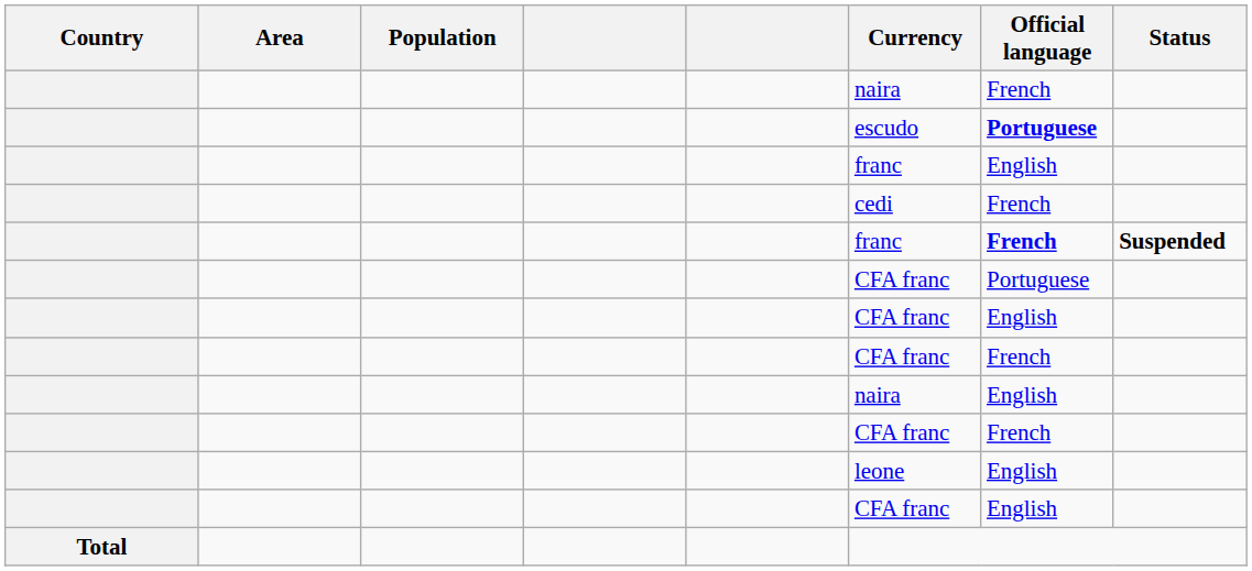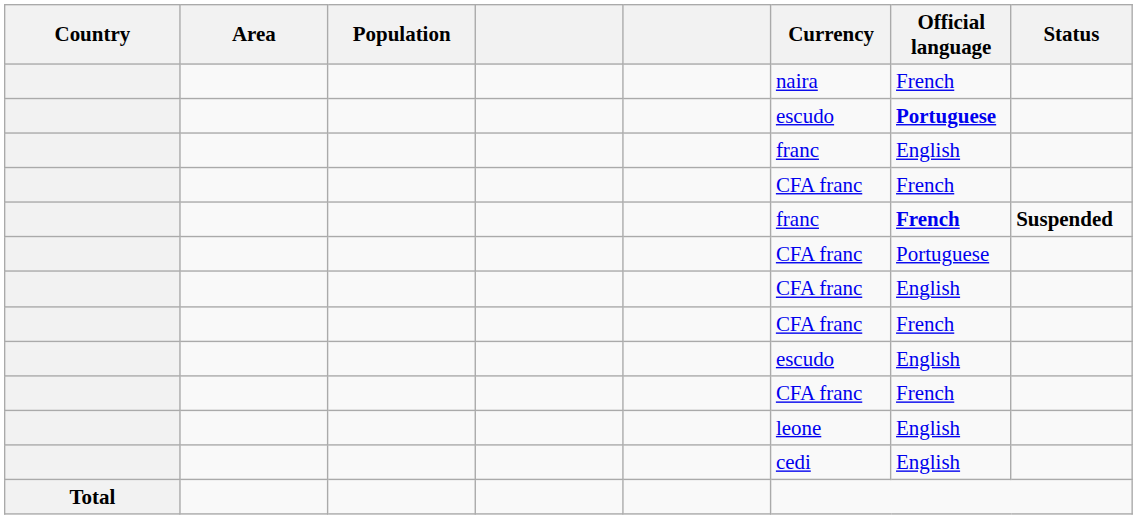 <table class="sortable wikitable plainrowheaders" style="font-size:95%; white-space:nowrap">
 <tr>
 <th scope="col" style="width:120px;">Country</th>
 <th scope="col" style="width:100px;">Area<br></th>
 <th scope="col" style="width:100px;">Population<br></th>
 <th scope="col" style="width:100px;"></th>
 <th scope="col" style="width:100px;"></th>
 <th scope="col" style="width:80px;">Currency</th>
 <th scope="col" style="width:80px;">Official<br>language</th>
 <th scope="col" style="width:80px;">Status</th>
 </tr>
 <tr>
 <th scope=row></th>
 <td align=right></td>
 <td align=right></td>
 <td align=right></td>
 <td align=right></td>
 <td align=left><a href='#'>naira</a></td>
 <td align=left><a href='#'>French</a></td>
 <td align=left></td>
 </tr>
 <tr>
 <th scope=row></th>
 <td align=right></td>
 <td align=right></td>
 <td align=right></td>
 <td align=right></td>
 <td align=left><a href='#'>escudo</a></td>
 <td align=left><strong><a href='#'>Portuguese</a></strong></td>
 <td align=left></td>
 </tr>
 <tr>
 <th scope=row></th>
 <td align=right></td>
 <td align=right></td>
 <td align=right></td>
 <td align=right></td>
 <td align=left><a href='#'>franc</a></td>
 <td align=left><a href='#'>English</a></td>
 <td align=left></td>
 </tr>
 <tr>
 <th scope=row></th>
 <td align=right></td>
 <td align=right></td>
 <td align=right></td>
 <td align=right></td>
-<td align=left><a href='#'>cedi</a></td>
+<td align=left><a href='#'>CFA franc</a></td>
 <td align=left><a href='#'>French</a></td>
 <td align=left></td>
 </tr>
 <tr>
 <th scope=row></th>
 <td align=right></td>
 <td align=right></td>
 <td align=right></td>
 <td align=right></td>
 <td align=left><a href='#'>franc</a></td>
 <td align=left><strong><a href='#'>French</a></strong></td>
 <td align=left><strong>Suspended</strong></td>
 </tr>
 <tr>
 <th scope=row></th>
 <td align=right></td>
 <td align=right></td>
 <td align=right></td>
 <td align=right></td>
 <td align=left><a href='#'>CFA franc</a></td>
 <td align=left><a href='#'>Portuguese</a></td>
 <td align=left></td>
 </tr>
 <tr>
 <th scope=row></th>
 <td align=right></td>
 <td align=right></td>
 <td align=right></td>
 <td align=right></td>
 <td align=left><a href='#'>CFA franc</a></td>
 <td align=left><a href='#'>English</a></td>
 <td align=left></td>
 </tr>
 <tr>
 <th scope=row></th>
 <td align=right></td>
 <td align=right></td>
 <td align=right></td>
 <td align=right></td>
 <td align=left><a href='#'>CFA franc</a></td>
 <td align=left><a href='#'>French</a></td>
 <td align=left></td>
 </tr>
 <tr>
 <th scope=row></th>
 <td align=right></td>
 <td align=right></td>
 <td align=right></td>
 <td align=right></td>
-<td align=left><a href='#'>naira</a></td>
+<td align=left><a href='#'>escudo</a></td>
 <td align=left><a href='#'>English</a></td>
 <td align=left></td>
 </tr>
 <tr>
 <th scope=row></th>
 <td align=right></td>
 <td align=right></td>
 <td align=right></td>
 <td align=right></td>
 <td align=left><a href='#'>CFA franc</a></td>
 <td align=left><a href='#'>French</a></td>
 <td align=left></td>
 </tr>
 <tr>
 <th scope=row></th>
 <td align=right></td>
 <td align=right></td>
 <td align=right></td>
 <td align=right></td>
 <td align=left><a href='#'>leone</a></td>
 <td align=left><a href='#'>English</a></td>
 <td align=left></td>
 </tr>
 <tr>
 <th scope=row></th>
 <td align=right></td>
 <td align=right></td>
 <td align=right></td>
 <td align=right></td>
-<td align=left><a href='#'>CFA franc</a></td>
+<td align=left><a href='#'>cedi</a></td>
 <td align=left><a href='#'>English</a></td>
 <td align=left></td>
 </tr>
 <tr class="sortbottom">
 <th scope=row><strong>Total</strong></th>
 <td align=right><strong></strong></td>
 <td align=right><strong></strong></td>
 <td align=right><strong></strong></td>
 <td align=right><strong></strong></td>
 <td colspan="3" align="center"></td>
 </tr>
 </table>
